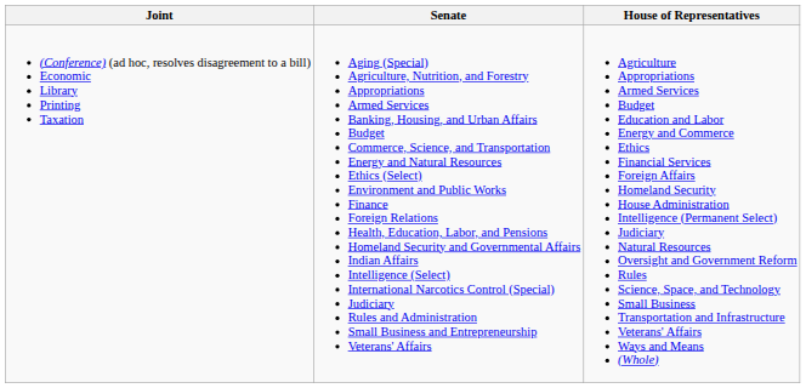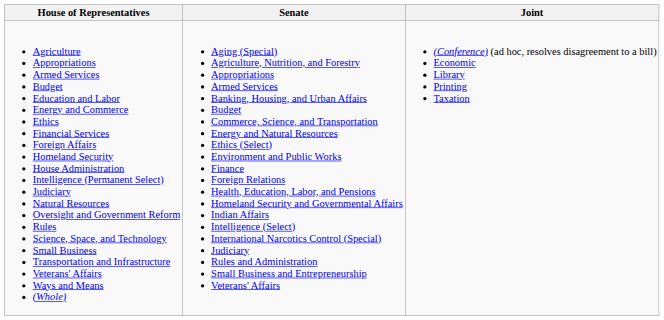 <table class=wikitable>
 <tr>
+<th>House of Representatives</th>
+<th>Senate</th>
 <th>Joint</th>
-<th>Senate</th>
-<th>House of Representatives</th>
 </tr>
 <tr valign=top>
+<td><br><ul><li><a href='#'>Agriculture</a></li><li><a href='#'>Appropriations</a></li><li><a href='#'>Armed Services</a></li><li><a href='#'>Budget</a></li><li><a href='#'>Education and Labor</a></li><li><a href='#'>Energy and Commerce</a></li><li><a href='#'>Ethics</a></li><li><a href='#'>Financial Services</a></li><li><a href='#'>Foreign Affairs</a></li><li><a href='#'>Homeland Security</a></li><li><a href='#'>House Administration</a></li><li><a href='#'>Intelligence (Permanent Select)</a></li><li><a href='#'>Judiciary</a></li><li><a href='#'>Natural Resources</a></li><li><a href='#'>Oversight and Government Reform</a></li><li><a href='#'>Rules</a></li><li><a href='#'>Science, Space, and Technology</a></li><li><a href='#'>Small Business</a></li><li><a href='#'>Transportation and Infrastructure</a></li><li><a href='#'>Veterans' Affairs</a></li><li><a href='#'>Ways and Means</a></li><li><em><a href='#'>(Whole)</a></em></li></ul></td>
+<td><br><ul><li><a href='#'>Aging (Special)</a></li><li><a href='#'>Agriculture, Nutrition, and Forestry</a></li><li><a href='#'>Appropriations</a></li><li><a href='#'>Armed Services</a></li><li><a href='#'>Banking, Housing, and Urban Affairs</a></li><li><a href='#'>Budget</a></li><li><a href='#'>Commerce, Science, and Transportation</a></li><li><a href='#'>Energy and Natural Resources</a></li><li><a href='#'>Ethics (Select)</a></li><li><a href='#'>Environment and Public Works</a></li><li><a href='#'>Finance</a></li><li><a href='#'>Foreign Relations</a></li><li><a href='#'>Health, Education, Labor, and Pensions</a></li><li><a href='#'>Homeland Security and Governmental Affairs</a></li><li><a href='#'>Indian Affairs</a></li><li><a href='#'>Intelligence (Select)</a></li><li><a href='#'>International Narcotics Control (Special)</a></li><li><a href='#'>Judiciary</a></li><li><a href='#'>Rules and Administration</a></li><li><a href='#'>Small Business and Entrepreneurship</a></li><li><a href='#'>Veterans' Affairs</a></li></ul></td>
 <td><br><ul><li><em><a href='#'>(Conference)</a></em> (ad hoc, resolves disagreement to a bill)</li><li><a href='#'>Economic</a></li><li><a href='#'>Library</a></li><li><a href='#'>Printing</a></li><li><a href='#'>Taxation</a></li></ul></td>
-<td><br><ul><li><a href='#'>Aging (Special)</a></li><li><a href='#'>Agriculture, Nutrition, and Forestry</a></li><li><a href='#'>Appropriations</a></li><li><a href='#'>Armed Services</a></li><li><a href='#'>Banking, Housing, and Urban Affairs</a></li><li><a href='#'>Budget</a></li><li><a href='#'>Commerce, Science, and Transportation</a></li><li><a href='#'>Energy and Natural Resources</a></li><li><a href='#'>Ethics (Select)</a></li><li><a href='#'>Environment and Public Works</a></li><li><a href='#'>Finance</a></li><li><a href='#'>Foreign Relations</a></li><li><a href='#'>Health, Education, Labor, and Pensions</a></li><li><a href='#'>Homeland Security and Governmental Affairs</a></li><li><a href='#'>Indian Affairs</a></li><li><a href='#'>Intelligence (Select)</a></li><li><a href='#'>International Narcotics Control (Special)</a></li><li><a href='#'>Judiciary</a></li><li><a href='#'>Rules and Administration</a></li><li><a href='#'>Small Business and Entrepreneurship</a></li><li><a href='#'>Veterans' Affairs</a></li></ul></td>
-<td><br><ul><li><a href='#'>Agriculture</a></li><li><a href='#'>Appropriations</a></li><li><a href='#'>Armed Services</a></li><li><a href='#'>Budget</a></li><li><a href='#'>Education and Labor</a></li><li><a href='#'>Energy and Commerce</a></li><li><a href='#'>Ethics</a></li><li><a href='#'>Financial Services</a></li><li><a href='#'>Foreign Affairs</a></li><li><a href='#'>Homeland Security</a></li><li><a href='#'>House Administration</a></li><li><a href='#'>Intelligence (Permanent Select)</a></li><li><a href='#'>Judiciary</a></li><li><a href='#'>Natural Resources</a></li><li><a href='#'>Oversight and Government Reform</a></li><li><a href='#'>Rules</a></li><li><a href='#'>Science, Space, and Technology</a></li><li><a href='#'>Small Business</a></li><li><a href='#'>Transportation and Infrastructure</a></li><li><a href='#'>Veterans' Affairs</a></li><li><a href='#'>Ways and Means</a></li><li><em><a href='#'>(Whole)</a></em></li></ul></td>
 </tr>
 </table>
